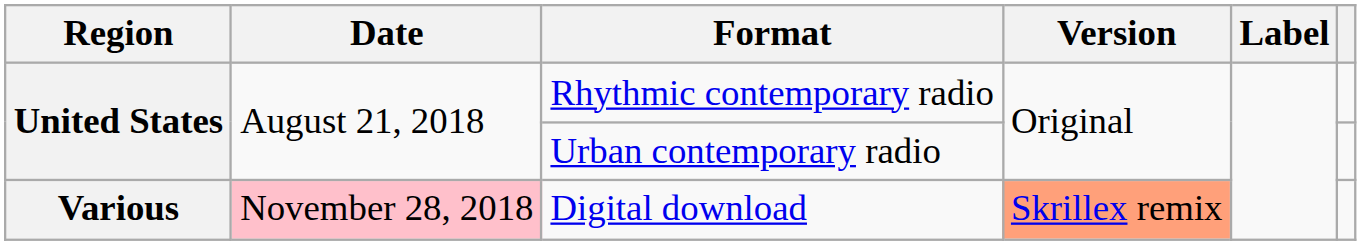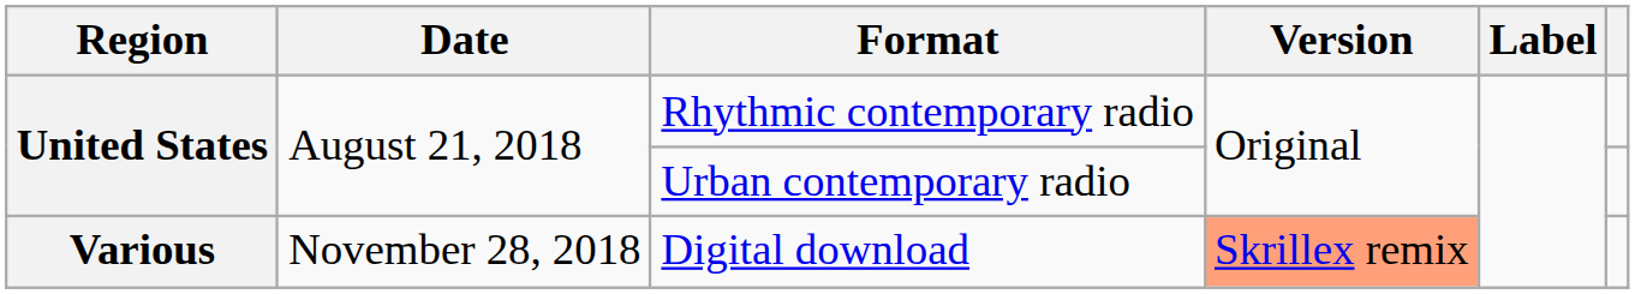 <table class="wikitable plainrowheaders">
 <tr>
 <th scope="col">Region</th>
 <th scope="col">Date</th>
 <th scope="col">Format</th>
 <th scope="col">Version</th>
 <th scope="col">Label</th>
 <th scope="col"></th>
 </tr>
 <tr>
 <th scope="row" rowspan="2">United States</th>
 <td rowspan="2">August 21, 2018</td>
 <td><a href='#'>Rhythmic contemporary</a> radio</td>
 <td rowspan="2">Original</td>
 <td rowspan="3"></td>
 <td></td>
 </tr>
 <tr>
 <td><a href='#'>Urban contemporary</a> radio</td>
 <td></td>
 </tr>
 <tr>
 <th scope="row">Various</th>
-<td style="background: pink;">November 28, 2018</td>
+<td>November 28, 2018</td>
 <td><a href='#'>Digital download</a></td>
 <td style="background: lightsalmon;"><a href='#'>Skrillex</a> remix</td>
 <td></td>
 </tr>
 </table>
